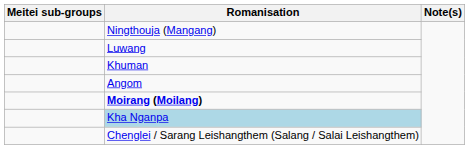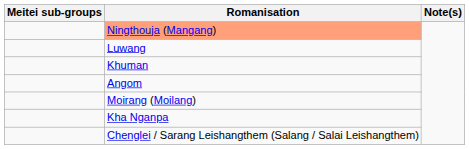 <table class="wikitable sortable">
 <tr>
 <th>Meitei sub-groups</th>
 <th>Romanisation</th>
 <th>Note(s)</th>
 </tr>
 <tr>
 <td></td>
-<td><a href='#'>Ningthouja</a> (<a href='#'>Mangang</a>)</td>
+<td style="background: lightsalmon;"><a href='#'>Ningthouja</a> (<a href='#'>Mangang</a>)</td>
 <td rowspan="7"></td>
 </tr>
 <tr>
 <td></td>
 <td><a href='#'>Luwang</a></td>
 </tr>
 <tr>
 <td></td>
 <td><a href='#'>Khuman</a></td>
 </tr>
 <tr>
 <td></td>
 <td><a href='#'>Angom</a></td>
 </tr>
 <tr>
 <td></td>
-<td><strong><a href='#'>Moirang</a> (<a href='#'>Moilang</a>)</strong></td>
+<td><a href='#'>Moirang</a> (<a href='#'>Moilang</a>)</td>
 </tr>
 <tr>
 <td></td>
-<td style="background: lightblue;"><a href='#'>Kha Nganpa</a></td>
+<td><a href='#'>Kha Nganpa</a></td>
 </tr>
 <tr>
 <td></td>
 <td><a href='#'>Chenglei</a> / Sarang Leishangthem (Salang / Salai Leishangthem)</td>
 </tr>
 </table>
